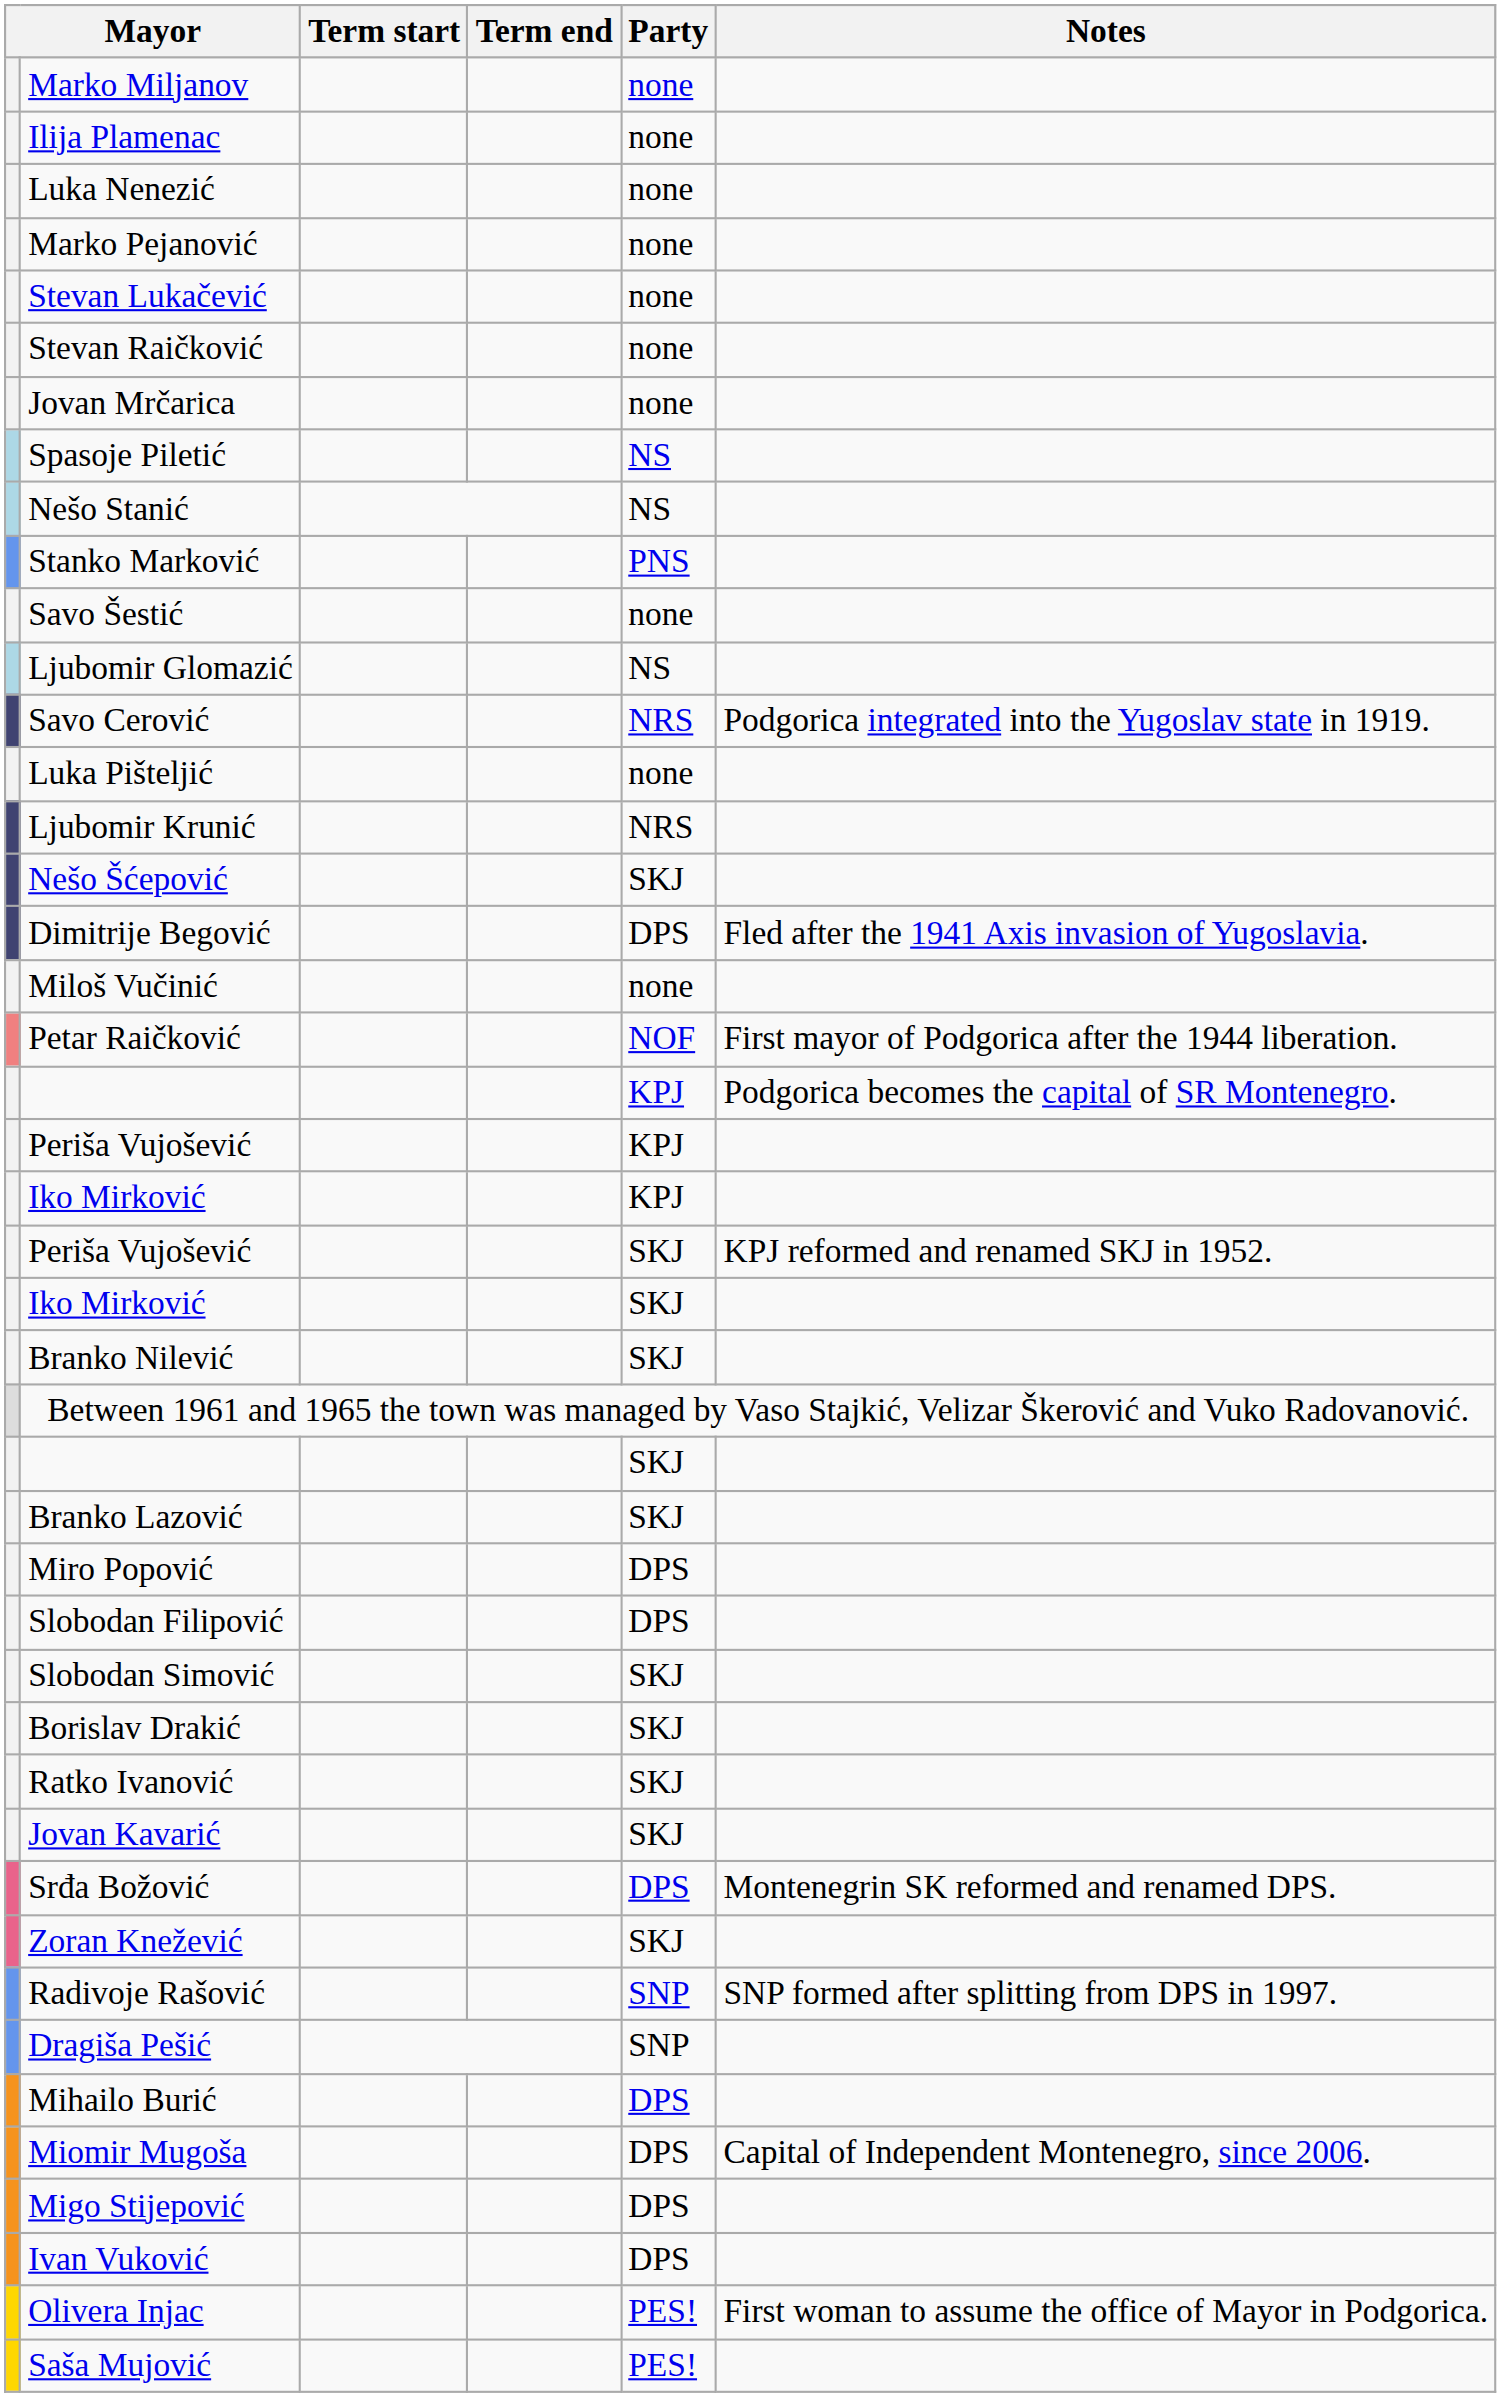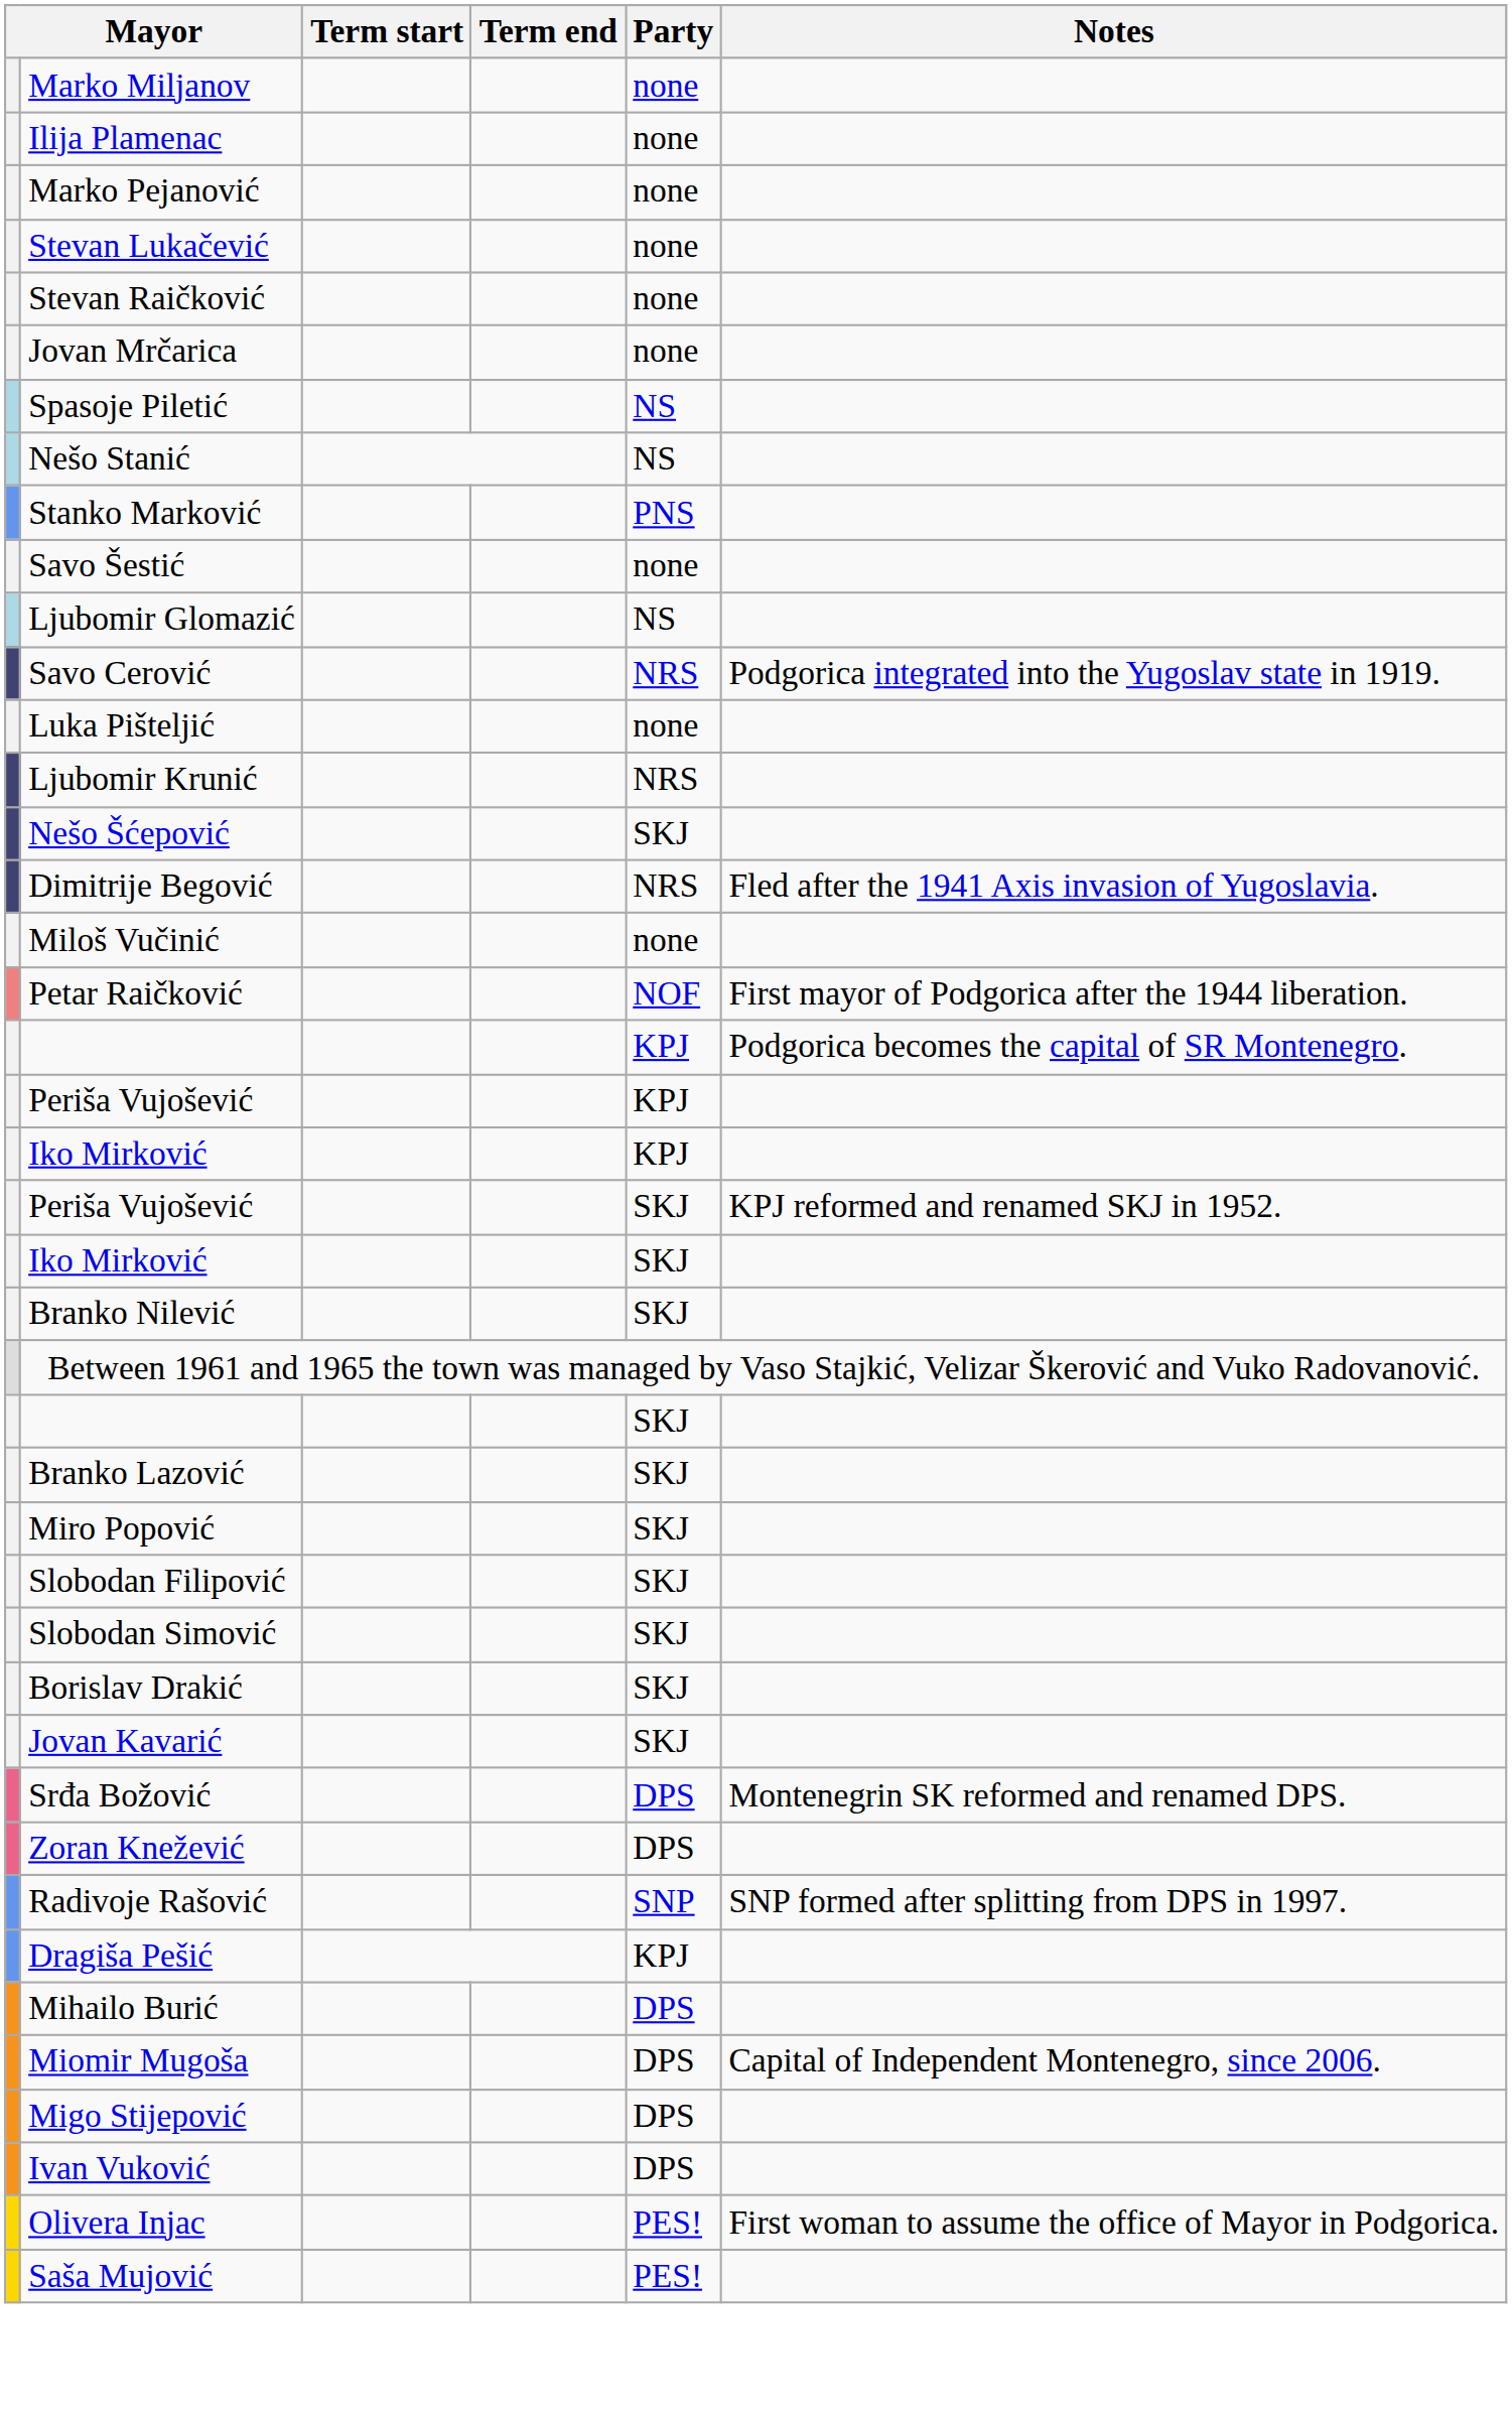 <table class="wikitable">
 <tr style="background:#cccccc">
 <th colspan=2>Mayor</th>
 <th>Term start</th>
 <th>Term end</th>
 <th>Party</th>
 <th>Notes</th>
 </tr>
 <tr>
 <th style="background:"></th>
 <td><a href='#'>Marko Miljanov</a></td>
 <td></td>
 <td></td>
 <td><a href='#'>none</a></td>
 <td></td>
 </tr>
 <tr>
 <th style="background:"></th>
 <td><a href='#'>Ilija Plamenac</a></td>
-<td></td>
-<td></td>
-<td>none</td>
-<td></td>
-</tr>
-<tr>
-<th style="background:"></th>
-<td>Luka Nenezić</td>
 <td></td>
 <td></td>
 <td>none</td>
 <td></td>
 </tr>
 <tr>
 <th style="background:"></th>
 <td>Marko Pejanović</td>
 <td></td>
 <td></td>
 <td>none</td>
 <td></td>
 </tr>
 <tr>
 <th style="background:"></th>
 <td><a href='#'>Stevan Lukačević</a></td>
 <td></td>
 <td></td>
 <td>none</td>
 <td></td>
 </tr>
 <tr>
 <th style="background:"></th>
 <td>Stevan Raičković</td>
 <td></td>
 <td></td>
 <td>none</td>
 <td></td>
 </tr>
 <tr>
 <th style="background:"></th>
 <td>Jovan Mrčarica</td>
 <td></td>
 <td></td>
 <td>none</td>
 <td></td>
 </tr>
 <tr>
 <th style="background:lightblue;"></th>
 <td>Spasoje Piletić</td>
 <td></td>
 <td></td>
 <td><a href='#'>NS</a></td>
 <td></td>
 </tr>
 <tr>
 <th style="background:lightblue;"></th>
 <td>Nešo Stanić</td>
 <td colspan=2></td>
 <td>NS</td>
 <td></td>
 </tr>
 <tr>
 <th style="background:#6495ED;"></th>
 <td>Stanko Marković</td>
 <td></td>
 <td></td>
 <td><a href='#'>PNS</a></td>
 <td></td>
 </tr>
 <tr>
 <th style="background:"></th>
 <td>Savo Šestić</td>
 <td></td>
 <td></td>
 <td>none</td>
 <td></td>
 </tr>
 <tr>
 <th style="background:lightblue;"></th>
 <td>Ljubomir Glomazić</td>
 <td></td>
 <td></td>
 <td>NS</td>
 <td></td>
 </tr>
 <tr>
 <th style="background:#404371 ;"></th>
 <td>Savo Cerović</td>
 <td></td>
 <td></td>
 <td><a href='#'>NRS</a></td>
 <td>Podgorica <a href='#'>integrated</a> into the <a href='#'>Yugoslav state</a> in 1919.</td>
 </tr>
 <tr>
 <th style="background:"></th>
 <td>Luka Pišteljić</td>
 <td></td>
 <td></td>
 <td>none</td>
 <td></td>
 </tr>
 <tr>
 <th style="background:#404371 ;"></th>
 <td>Ljubomir Krunić</td>
 <td></td>
 <td></td>
 <td>NRS</td>
 <td></td>
 </tr>
 <tr>
 <th style="background:#404371 ;"></th>
 <td><a href='#'>Nešo Šćepović</a></td>
 <td></td>
 <td></td>
 <td>SKJ</td>
 <td></td>
 </tr>
 <tr>
 <th style="background:#404371 ;"></th>
 <td>Dimitrije Begović</td>
 <td></td>
 <td></td>
-<td>DPS</td>
+<td>NRS</td>
 <td>Fled after the <a href='#'>1941 Axis invasion of Yugoslavia</a>.</td>
 </tr>
 <tr>
 <th style="background:"></th>
 <td>Miloš Vučinić</td>
 <td></td>
 <td></td>
 <td>none</td>
 <td></td>
 </tr>
 <tr>
 <th style="background:#f08080;"></th>
 <td>Petar Raičković</td>
 <td></td>
 <td></td>
 <td><a href='#'>NOF</a></td>
 <td>First mayor of Podgorica after the 1944 liberation.</td>
 </tr>
 <tr>
 <th style="background:"></th>
 <td></td>
 <td></td>
 <td></td>
 <td><a href='#'>KPJ</a></td>
 <td>Podgorica becomes the <a href='#'>capital</a> of <a href='#'>SR Montenegro</a>.</td>
 </tr>
 <tr>
 <th style="background:"></th>
 <td>Periša Vujošević</td>
 <td></td>
 <td></td>
 <td>KPJ</td>
 </tr>
 <tr>
 <th style="background:"></th>
 <td><a href='#'>Iko Mirković</a></td>
 <td></td>
 <td></td>
 <td>KPJ</td>
 <td></td>
 </tr>
 <tr>
 <th style="background:"></th>
 <td>Periša Vujošević</td>
 <td></td>
 <td></td>
 <td>SKJ</td>
 <td>KPJ reformed and renamed SKJ in 1952.</td>
 </tr>
 <tr>
 <th style="background:"></th>
 <td><a href='#'>Iko Mirković</a></td>
 <td></td>
 <td></td>
 <td>SKJ</td>
 <td></td>
 </tr>
 <tr>
 <th style="background:"></th>
 <td>Branko Nilević</td>
 <td></td>
 <td></td>
 <td>SKJ</td>
 <td></td>
 </tr>
 <tr>
 <th style="background:#DDDDDD;"></th>
 <td colspan=5 align="center">Between 1961 and 1965 the town was managed by Vaso Stajkić, Velizar Škerović and Vuko Radovanović.</td>
 </tr>
 <tr>
 <th style="background:"></th>
 <td></td>
 <td></td>
 <td></td>
 <td>SKJ</td>
 <td></td>
 </tr>
 <tr>
 <th style="background:"></th>
 <td>Branko Lazović</td>
 <td></td>
 <td></td>
 <td>SKJ</td>
 <td></td>
 </tr>
 <tr>
 <th style="background:"></th>
 <td>Miro Popović</td>
 <td></td>
 <td></td>
-<td>DPS</td>
+<td>SKJ</td>
 <td></td>
 </tr>
 <tr>
 <th style="background:"></th>
 <td>Slobodan Filipović</td>
 <td></td>
 <td></td>
-<td>DPS</td>
+<td>SKJ</td>
 <td></td>
 </tr>
 <tr>
 <th style="background:"></th>
 <td>Slobodan Simović</td>
 <td></td>
 <td></td>
 <td>SKJ</td>
 <td></td>
 </tr>
 <tr>
 <th style="background:"></th>
 <td>Borislav Drakić</td>
-<td></td>
-<td></td>
-<td>SKJ</td>
-<td></td>
-</tr>
-<tr>
-<th style="background:"></th>
-<td>Ratko Ivanović</td>
 <td></td>
 <td></td>
 <td>SKJ</td>
 <td></td>
 </tr>
 <tr>
 <th style="background:"></th>
 <td><a href='#'>Jovan Kavarić</a></td>
 <td></td>
 <td></td>
 <td>SKJ</td>
 <td></td>
 </tr>
 <tr>
 <th style="background:#e9638b;"></th>
 <td>Srđa Božović</td>
 <td></td>
 <td></td>
 <td><a href='#'>DPS</a></td>
 <td>Montenegrin SK reformed and renamed DPS.</td>
 </tr>
 <tr>
 <th style="background:#e9638b;"></th>
 <td><a href='#'>Zoran Knežević</a></td>
 <td></td>
 <td></td>
-<td>SKJ</td>
+<td>DPS</td>
 <td></td>
 </tr>
 <tr>
 <th style="background:cornflowerblue;"></th>
 <td>Radivoje Rašović</td>
 <td></td>
 <td></td>
 <td><a href='#'>SNP</a></td>
 <td>SNP formed after splitting from DPS in 1997.</td>
 </tr>
 <tr>
 <th style="background:cornflowerblue;"></th>
 <td><a href='#'>Dragiša Pešić</a></td>
 <td colspan=2></td>
-<td>SNP</td>
+<td>KPJ</td>
 <td></td>
 </tr>
 <tr>
 <th style="background:#F6931D;"></th>
 <td>Mihailo Burić</td>
 <td></td>
 <td></td>
 <td><a href='#'>DPS</a></td>
 <td></td>
 </tr>
 <tr>
 <th style="background:#F6931D;"></th>
 <td><a href='#'>Miomir Mugoša</a></td>
 <td></td>
 <td></td>
 <td>DPS</td>
 <td>Capital of Independent Montenegro, <a href='#'>since 2006</a>.</td>
 </tr>
 <tr>
 <th style="background:#F6931D;"></th>
 <td><a href='#'>Migo Stijepović</a></td>
 <td></td>
 <td></td>
 <td>DPS</td>
 <td></td>
 </tr>
 <tr>
 <th style="background:#F6931D;"></th>
 <td><a href='#'>Ivan Vuković</a></td>
 <td></td>
 <td></td>
 <td>DPS</td>
 <td></td>
 </tr>
 <tr>
 <th style="background:#FFD700;"></th>
 <td><a href='#'>Olivera Injac</a></td>
 <td></td>
 <td></td>
 <td><a href='#'>PES!</a></td>
 <td>First woman to assume the office of Mayor in Podgorica.</td>
 </tr>
 <tr>
 <th style="background:#FFD700;"></th>
 <td><a href='#'>Saša Mujović</a></td>
 <td></td>
 <td></td>
 <td><a href='#'>PES!</a></td>
 <td></td>
 </tr>
 </table>
